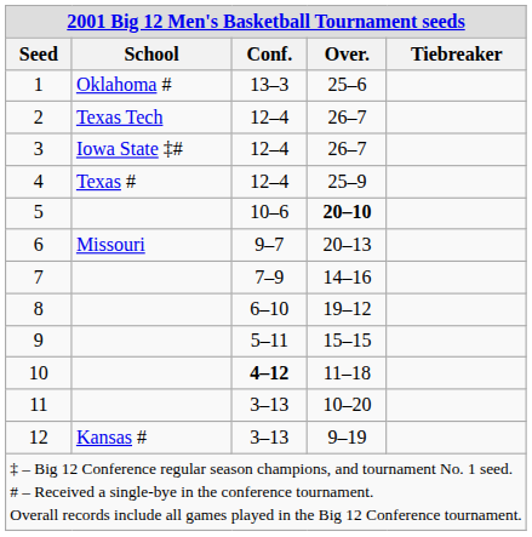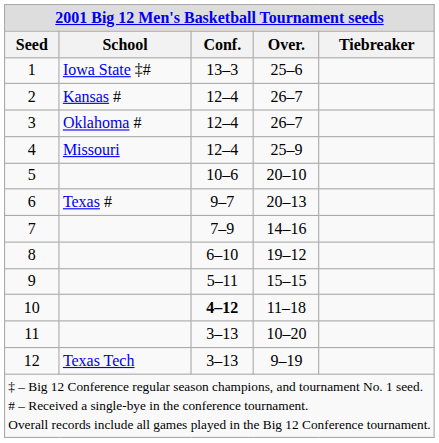 <table class="wikitable" style="white-space:nowrap; font-size:90%;text-align:center">
 <tr>
 <td colspan="10" style="text-align:center; background:#DDDDDD; font:#000000"><strong><a href='#'>2001 Big 12 Men's Basketball Tournament seeds</a></strong></td>
 </tr>
 <tr bgcolor="#efefef">
 <th>Seed</th>
 <th>School</th>
 <th>Conf.</th>
 <th>Over.</th>
 <th>Tiebreaker</th>
 </tr>
 <tr>
 <td>1</td>
-<td align=left><a href='#'>Oklahoma</a> #</td>
+<td align=left><a href='#'>Iowa State</a> ‡#</td>
 <td>13–3</td>
 <td>25–6</td>
 <td></td>
 </tr>
 <tr>
 <td>2</td>
-<td align=left><a href='#'>Texas Tech</a></td>
+<td align=left><a href='#'>Kansas</a> #</td>
 <td>12–4</td>
 <td>26–7</td>
 <td></td>
 </tr>
 <tr>
 <td>3</td>
-<td align=left><a href='#'>Iowa State</a> ‡#</td>
+<td align=left><a href='#'>Oklahoma</a> #</td>
 <td>12–4</td>
 <td>26–7</td>
 <td></td>
 </tr>
 <tr>
 <td>4</td>
-<td align=left><a href='#'>Texas</a> #</td>
+<td align=left><a href='#'>Missouri</a></td>
 <td>12–4</td>
 <td>25–9</td>
 <td></td>
 </tr>
 <tr>
 <td>5</td>
 <td align=left></td>
 <td>10–6</td>
-<td><strong>20–10</strong></td>
+<td>20–10</td>
 <td></td>
 </tr>
 <tr>
 <td>6</td>
-<td align=left><a href='#'>Missouri</a></td>
+<td align=left><a href='#'>Texas</a> #</td>
 <td>9–7</td>
 <td>20–13</td>
 <td></td>
 </tr>
 <tr>
 <td>7</td>
 <td align=left></td>
 <td>7–9</td>
 <td>14–16</td>
 <td></td>
 </tr>
 <tr>
 <td>8</td>
 <td align=left></td>
 <td>6–10</td>
 <td>19–12</td>
 <td></td>
 </tr>
 <tr>
 <td>9</td>
 <td align=left></td>
 <td>5–11</td>
 <td>15–15</td>
 <td></td>
 </tr>
 <tr>
 <td>10</td>
 <td align=left></td>
 <td><strong>4–12</strong></td>
 <td>11–18</td>
 <td></td>
 </tr>
 <tr>
 <td>11</td>
 <td align=left></td>
 <td>3–13</td>
 <td>10–20</td>
 <td></td>
 </tr>
 <tr>
 <td>12</td>
-<td align=left><a href='#'>Kansas</a> #</td>
+<td align=left><a href='#'>Texas Tech</a></td>
 <td>3–13</td>
 <td>9–19</td>
 <td></td>
 </tr>
 <tr>
 <td colspan="10" style="text-align:left;"><small>‡ – Big 12 Conference regular season champions, and tournament No. 1 seed.<br># – Received a single-bye in the conference tournament.<br>Overall records include all games played in the Big 12 Conference tournament.</small></td>
 </tr>
 </table>
